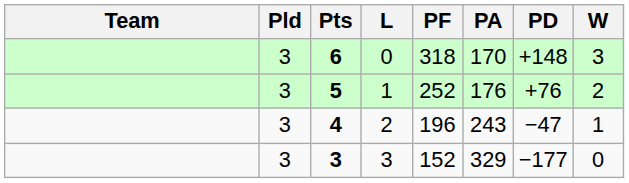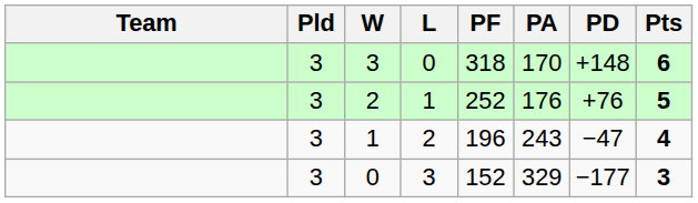 <table class=wikitable style="text-align:center">
 <tr>
 <th width=180>Team</th>
 <th width=30>Pld</th>
-<th width=30>Pts</th>
+<th width=30>W</th>
 <th width=30>L</th>
 <th width=30>PF</th>
 <th width=30>PA</th>
 <th width=30>PD</th>
-<th width=30>W</th>
+<th width=30>Pts</th>
 </tr>
 <tr bgcolor="#ccffcc">
 <td align="left"></td>
 <td>3</td>
-<td><strong>6</strong></td>
+<td>3</td>
 <td>0</td>
 <td>318</td>
 <td>170</td>
 <td>+148</td>
-<td>3</td>
+<td><strong>6</strong></td>
 </tr>
 <tr bgcolor="#ccffcc">
 <td align="left"></td>
 <td>3</td>
-<td><strong>5</strong></td>
+<td>2</td>
 <td>1</td>
 <td>252</td>
 <td>176</td>
 <td>+76</td>
-<td>2</td>
+<td><strong>5</strong></td>
 </tr>
 <tr>
 <td align="left"></td>
 <td>3</td>
-<td><strong>4</strong></td>
+<td>1</td>
 <td>2</td>
 <td>196</td>
 <td>243</td>
 <td>−47</td>
-<td>1</td>
+<td><strong>4</strong></td>
 </tr>
 <tr>
 <td align="left"></td>
 <td>3</td>
-<td><strong>3</strong></td>
+<td>0</td>
 <td>3</td>
 <td>152</td>
 <td>329</td>
 <td>−177</td>
-<td>0</td>
+<td><strong>3</strong></td>
 </tr>
 </table>
